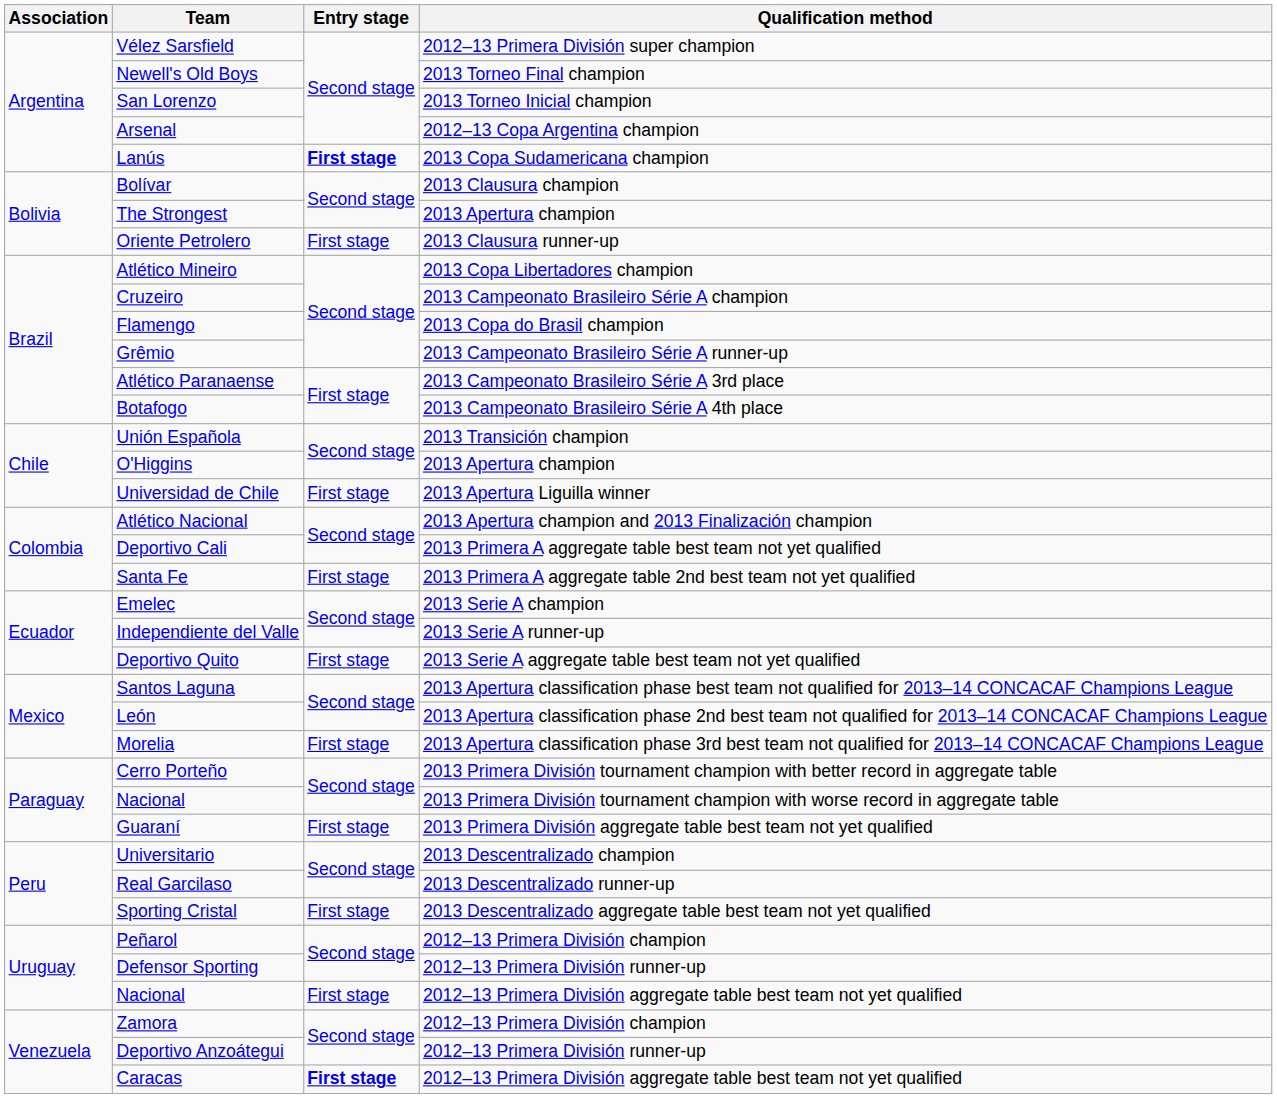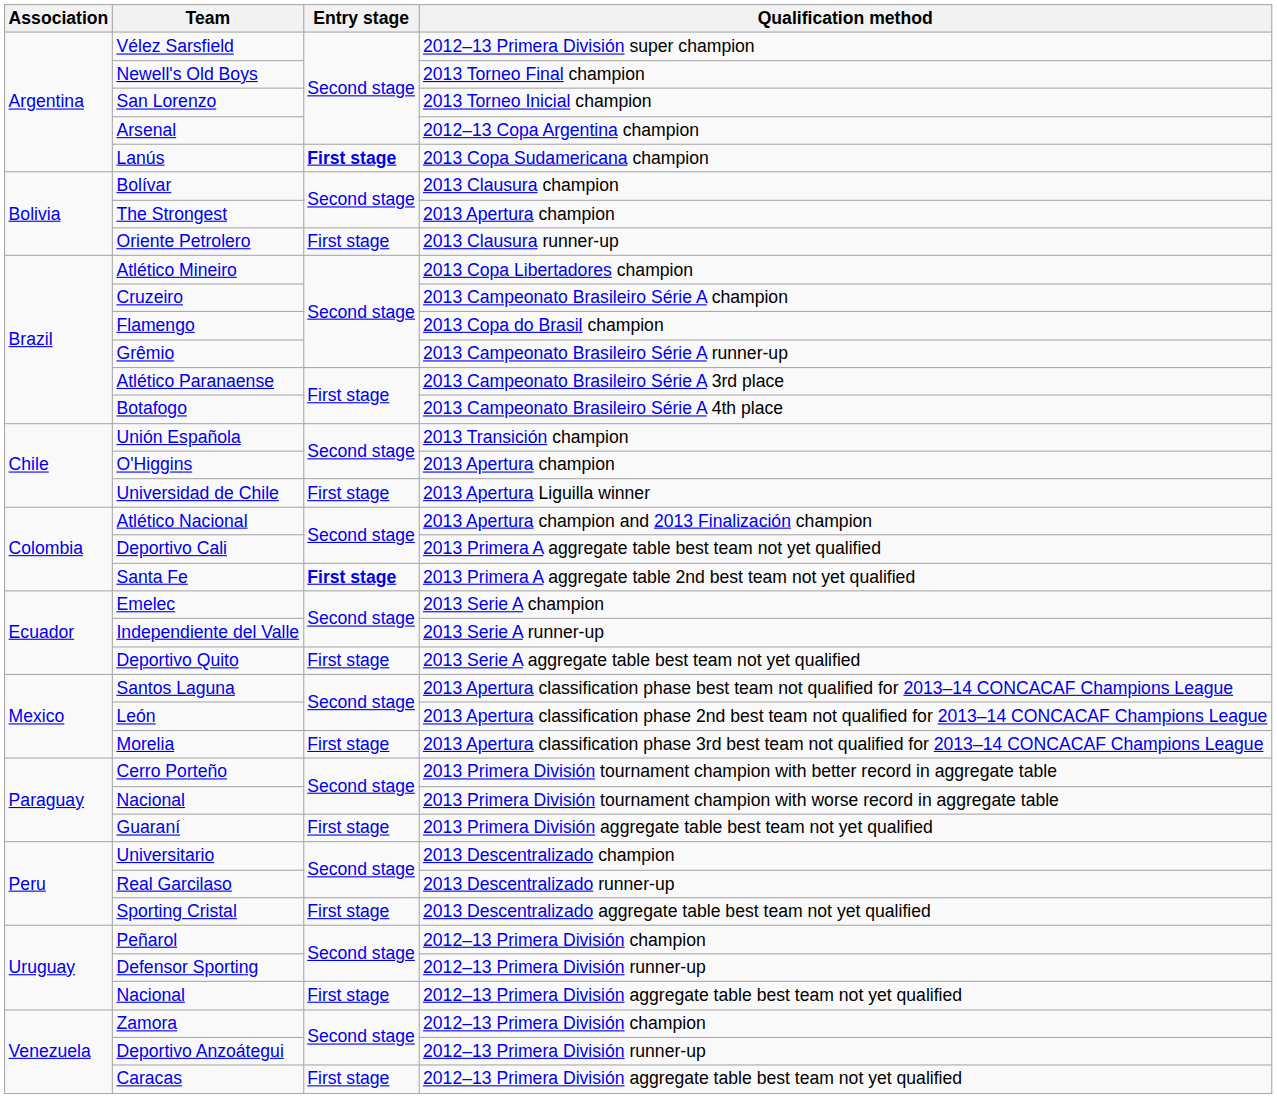 <table class="wikitable">
 <tr>
 <th>Association</th>
 <th>Team </th>
 <th>Entry stage</th>
 <th>Qualification method</th>
 </tr>
 <tr>
 <td rowspan=5> <a href='#'>Argentina</a><br></td>
 <td><a href='#'>Vélez Sarsfield</a> </td>
 <td rowspan=4><a href='#'>Second stage</a></td>
 <td><a href='#'>2012–13 Primera División</a> super champion</td>
 </tr>
 <tr>
 <td><a href='#'>Newell's Old Boys</a> </td>
 <td><a href='#'>2013 Torneo Final</a> champion</td>
 </tr>
 <tr>
 <td><a href='#'>San Lorenzo</a> </td>
 <td><a href='#'>2013 Torneo Inicial</a> champion</td>
 </tr>
 <tr>
 <td><a href='#'>Arsenal</a> </td>
 <td><a href='#'>2012–13 Copa Argentina</a> champion</td>
 </tr>
 <tr>
 <td><a href='#'>Lanús</a> </td>
 <td><strong><a href='#'>First stage</a></strong></td>
 <td><a href='#'>2013 Copa Sudamericana</a> champion</td>
 </tr>
 <tr>
 <td rowspan=3> <a href='#'>Bolivia</a><br></td>
 <td><a href='#'>Bolívar</a> </td>
 <td rowspan=2><a href='#'>Second stage</a></td>
 <td><a href='#'>2013 Clausura</a> champion</td>
 </tr>
 <tr>
 <td><a href='#'>The Strongest</a> </td>
 <td><a href='#'>2013 Apertura</a> champion</td>
 </tr>
 <tr>
 <td><a href='#'>Oriente Petrolero</a> </td>
 <td><a href='#'>First stage</a></td>
 <td><a href='#'>2013 Clausura</a> runner-up</td>
 </tr>
 <tr>
 <td rowspan=6> <a href='#'>Brazil</a><br></td>
 <td><a href='#'>Atlético Mineiro</a> </td>
 <td rowspan=4><a href='#'>Second stage</a></td>
 <td><a href='#'>2013 Copa Libertadores</a> champion</td>
 </tr>
 <tr>
 <td><a href='#'>Cruzeiro</a> </td>
 <td><a href='#'>2013 Campeonato Brasileiro Série A</a> champion</td>
 </tr>
 <tr>
 <td><a href='#'>Flamengo</a> </td>
 <td><a href='#'>2013 Copa do Brasil</a> champion</td>
 </tr>
 <tr>
 <td><a href='#'>Grêmio</a> </td>
 <td><a href='#'>2013 Campeonato Brasileiro Série A</a> runner-up</td>
 </tr>
 <tr>
 <td><a href='#'>Atlético Paranaense</a> </td>
 <td rowspan=2><a href='#'>First stage</a></td>
 <td><a href='#'>2013 Campeonato Brasileiro Série A</a> 3rd place</td>
 </tr>
 <tr>
 <td><a href='#'>Botafogo</a> </td>
 <td><a href='#'>2013 Campeonato Brasileiro Série A</a> 4th place</td>
 </tr>
 <tr>
 <td rowspan=3> <a href='#'>Chile</a><br></td>
 <td><a href='#'>Unión Española</a> </td>
 <td rowspan=2><a href='#'>Second stage</a></td>
 <td><a href='#'>2013 Transición</a> champion</td>
 </tr>
 <tr>
 <td><a href='#'>O'Higgins</a> </td>
 <td><a href='#'>2013 Apertura</a> champion</td>
 </tr>
 <tr>
 <td><a href='#'>Universidad de Chile</a> </td>
 <td><a href='#'>First stage</a></td>
 <td><a href='#'>2013 Apertura</a> Liguilla winner</td>
 </tr>
 <tr>
 <td rowspan=3> <a href='#'>Colombia</a><br></td>
 <td><a href='#'>Atlético Nacional</a> </td>
 <td rowspan=2><a href='#'>Second stage</a></td>
 <td><a href='#'>2013 Apertura</a> champion and <a href='#'>2013 Finalización</a> champion</td>
 </tr>
 <tr>
 <td><a href='#'>Deportivo Cali</a> </td>
 <td><a href='#'>2013 Primera A</a> aggregate table best team not yet qualified</td>
 </tr>
 <tr>
 <td><a href='#'>Santa Fe</a> </td>
-<td><a href='#'>First stage</a></td>
+<td><strong><a href='#'>First stage</a></strong></td>
 <td><a href='#'>2013 Primera A</a> aggregate table 2nd best team not yet qualified</td>
 </tr>
 <tr>
 <td rowspan=3> <a href='#'>Ecuador</a><br></td>
 <td><a href='#'>Emelec</a> </td>
 <td rowspan=2><a href='#'>Second stage</a></td>
 <td><a href='#'>2013 Serie A</a> champion</td>
 </tr>
 <tr>
 <td><a href='#'>Independiente del Valle</a> </td>
 <td><a href='#'>2013 Serie A</a> runner-up</td>
 </tr>
 <tr>
 <td><a href='#'>Deportivo Quito</a> </td>
 <td><a href='#'>First stage</a></td>
 <td><a href='#'>2013 Serie A</a> aggregate table best team not yet qualified</td>
 </tr>
 <tr>
 <td rowspan=3> <a href='#'>Mexico</a><br></td>
 <td><a href='#'>Santos Laguna</a> </td>
 <td rowspan=2><a href='#'>Second stage</a></td>
 <td><a href='#'>2013 Apertura</a> classification phase best team not qualified for <a href='#'>2013–14 CONCACAF Champions League</a></td>
 </tr>
 <tr>
 <td><a href='#'>León</a> </td>
 <td><a href='#'>2013 Apertura</a> classification phase 2nd best team not qualified for <a href='#'>2013–14 CONCACAF Champions League</a></td>
 </tr>
 <tr>
 <td><a href='#'>Morelia</a> </td>
 <td><a href='#'>First stage</a></td>
 <td><a href='#'>2013 Apertura</a> classification phase 3rd best team not qualified for <a href='#'>2013–14 CONCACAF Champions League</a></td>
 </tr>
 <tr>
 <td rowspan=3> <a href='#'>Paraguay</a><br></td>
 <td><a href='#'>Cerro Porteño</a> </td>
 <td rowspan=2><a href='#'>Second stage</a></td>
 <td><a href='#'>2013 Primera División</a> tournament champion with better record in aggregate table</td>
 </tr>
 <tr>
 <td><a href='#'>Nacional</a> </td>
 <td><a href='#'>2013 Primera División</a> tournament champion with worse record in aggregate table</td>
 </tr>
 <tr>
 <td><a href='#'>Guaraní</a> </td>
 <td><a href='#'>First stage</a></td>
 <td><a href='#'>2013 Primera División</a> aggregate table best team not yet qualified</td>
 </tr>
 <tr>
 <td rowspan=3> <a href='#'>Peru</a><br></td>
 <td><a href='#'>Universitario</a> </td>
 <td rowspan=2><a href='#'>Second stage</a></td>
 <td><a href='#'>2013 Descentralizado</a> champion</td>
 </tr>
 <tr>
 <td><a href='#'>Real Garcilaso</a> </td>
 <td><a href='#'>2013 Descentralizado</a> runner-up</td>
 </tr>
 <tr>
 <td><a href='#'>Sporting Cristal</a> </td>
 <td><a href='#'>First stage</a></td>
 <td><a href='#'>2013 Descentralizado</a> aggregate table best team not yet qualified</td>
 </tr>
 <tr>
 <td rowspan=3> <a href='#'>Uruguay</a><br></td>
 <td><a href='#'>Peñarol</a> </td>
 <td rowspan=2><a href='#'>Second stage</a></td>
 <td><a href='#'>2012–13 Primera División</a> champion</td>
 </tr>
 <tr>
 <td><a href='#'>Defensor Sporting</a> </td>
 <td><a href='#'>2012–13 Primera División</a> runner-up</td>
 </tr>
 <tr>
 <td><a href='#'>Nacional</a> </td>
 <td><a href='#'>First stage</a></td>
 <td><a href='#'>2012–13 Primera División</a> aggregate table best team not yet qualified</td>
 </tr>
 <tr>
 <td rowspan=3> <a href='#'>Venezuela</a><br></td>
 <td><a href='#'>Zamora</a> </td>
 <td rowspan=2><a href='#'>Second stage</a></td>
 <td><a href='#'>2012–13 Primera División</a> champion</td>
 </tr>
 <tr>
 <td><a href='#'>Deportivo Anzoátegui</a> </td>
 <td><a href='#'>2012–13 Primera División</a> runner-up</td>
 </tr>
 <tr>
 <td><a href='#'>Caracas</a> </td>
-<td><strong><a href='#'>First stage</a></strong></td>
+<td><a href='#'>First stage</a></td>
 <td><a href='#'>2012–13 Primera División</a> aggregate table best team not yet qualified</td>
 </tr>
 </table>
